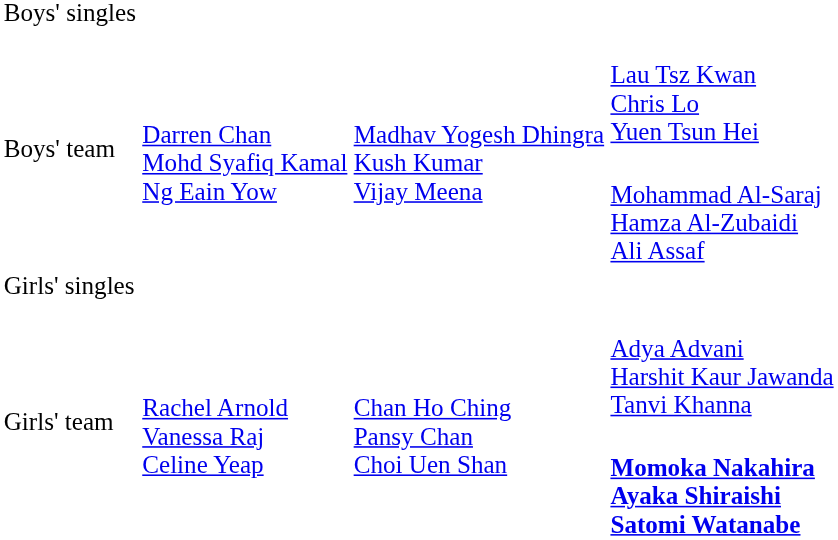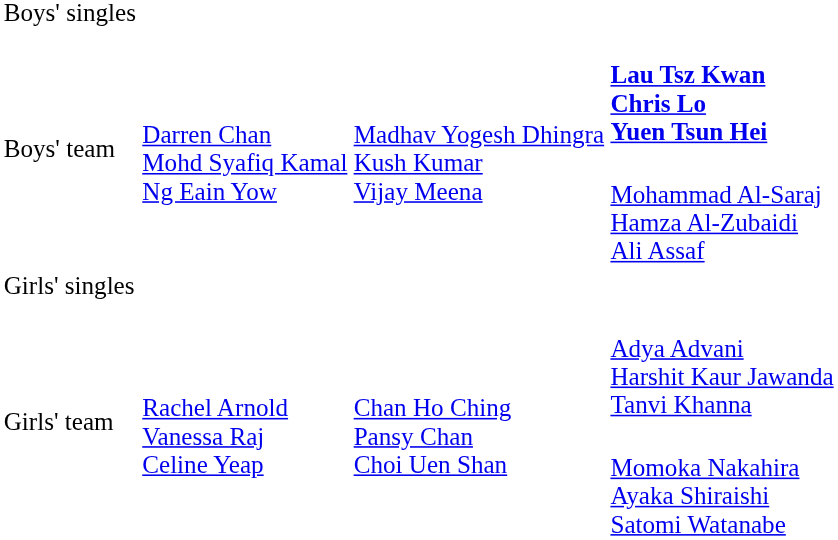 <table>
 <tr>
 <td rowspan=2>Boys' singles</td>
 <td rowspan=2></td>
 <td rowspan=2></td>
 <td></td>
 </tr>
 <tr>
 <td></td>
 </tr>
 <tr>
 <td rowspan=2>Boys' team</td>
 <td rowspan=2><br><a href='#'>Darren Chan</a><br><a href='#'>Mohd Syafiq Kamal</a><br><a href='#'>Ng Eain Yow</a></td>
 <td rowspan=2><br><a href='#'>Madhav Yogesh Dhingra</a><br><a href='#'>Kush Kumar</a><br><a href='#'>Vijay Meena</a></td>
-<td><br><a href='#'>Lau Tsz Kwan</a><br><a href='#'>Chris Lo</a><br><a href='#'>Yuen Tsun Hei</a></td>
+<td><strong><br><a href='#'>Lau Tsz Kwan</a><br><a href='#'>Chris Lo</a><br><a href='#'>Yuen Tsun Hei</a></strong></td>
 </tr>
 <tr>
 <td><br><a href='#'>Mohammad Al-Saraj</a><br><a href='#'>Hamza Al-Zubaidi</a><br><a href='#'>Ali Assaf</a></td>
 </tr>
 <tr>
 <td rowspan=2>Girls' singles</td>
 <td rowspan=2></td>
 <td rowspan=2></td>
 <td></td>
 </tr>
 <tr>
 <td></td>
 </tr>
 <tr>
 <td rowspan=2>Girls' team</td>
 <td rowspan=2><br><a href='#'>Rachel Arnold</a><br><a href='#'>Vanessa Raj</a><br><a href='#'>Celine Yeap</a></td>
 <td rowspan=2><br><a href='#'>Chan Ho Ching</a><br><a href='#'>Pansy Chan</a><br><a href='#'>Choi Uen Shan</a></td>
 <td><br><a href='#'>Adya Advani</a><br><a href='#'>Harshit Kaur Jawanda</a><br><a href='#'>Tanvi Khanna</a></td>
 </tr>
 <tr>
-<td><strong><br><a href='#'>Momoka Nakahira</a><br><a href='#'>Ayaka Shiraishi</a><br><a href='#'>Satomi Watanabe</a></strong></td>
+<td><br><a href='#'>Momoka Nakahira</a><br><a href='#'>Ayaka Shiraishi</a><br><a href='#'>Satomi Watanabe</a></td>
 </tr>
 </table>
